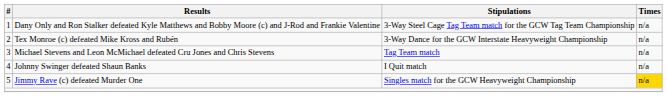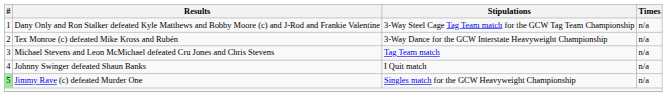 <table style="font-size: 85%" class="wikitable sortable">
 <tr>
 <th><strong>#</strong></th>
 <th><strong>Results</strong></th>
 <th><strong>Stipulations</strong></th>
 <th><strong>Times</strong></th>
 </tr>
 <tr>
 <td>1</td>
 <td>Dany Only and Ron Stalker defeated Kyle Matthews and Bobby Moore (c) and J-Rod and Frankie Valentine</td>
 <td>3-Way Steel Cage <a href='#'>Tag Team match</a> for the GCW Tag Team Championship</td>
 <td>n/a</td>
 </tr>
 <tr>
 <td>2</td>
 <td>Tex Monroe (c) defeated Mike Kross and Rubén</td>
 <td>3-Way Dance for the GCW Interstate Heavyweight Championship</td>
 <td>n/a</td>
 </tr>
 <tr>
 <td>3</td>
 <td>Michael Stevens and Leon McMichael defeated Cru Jones and Chris Stevens</td>
 <td><a href='#'>Tag Team match</a></td>
 <td>n/a</td>
 </tr>
 <tr>
 <td>4</td>
 <td>Johnny Swinger defeated Shaun Banks</td>
 <td>I Quit match</td>
 <td>n/a</td>
 </tr>
 <tr>
-<td>5</td>
+<td style="background: lightgreen;">5</td>
 <td><a href='#'>Jimmy Rave</a> (c) defeated Murder One</td>
 <td><a href='#'>Singles match</a> for the GCW Heavyweight Championship</td>
-<td style="background: gold;">n/a</td>
+<td>n/a</td>
 </tr>
 <tr>
 <td colspan="4"></td>
 </tr>
 <tr>
 </tr>
 </table>
